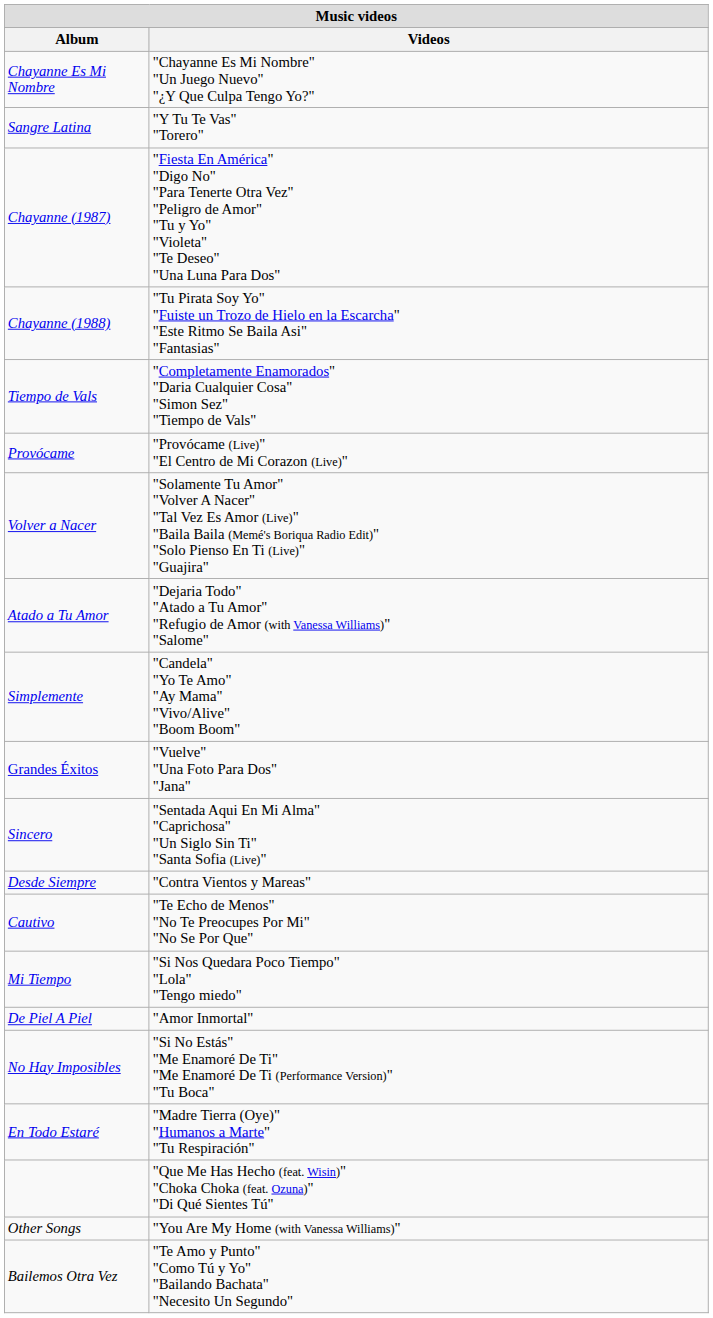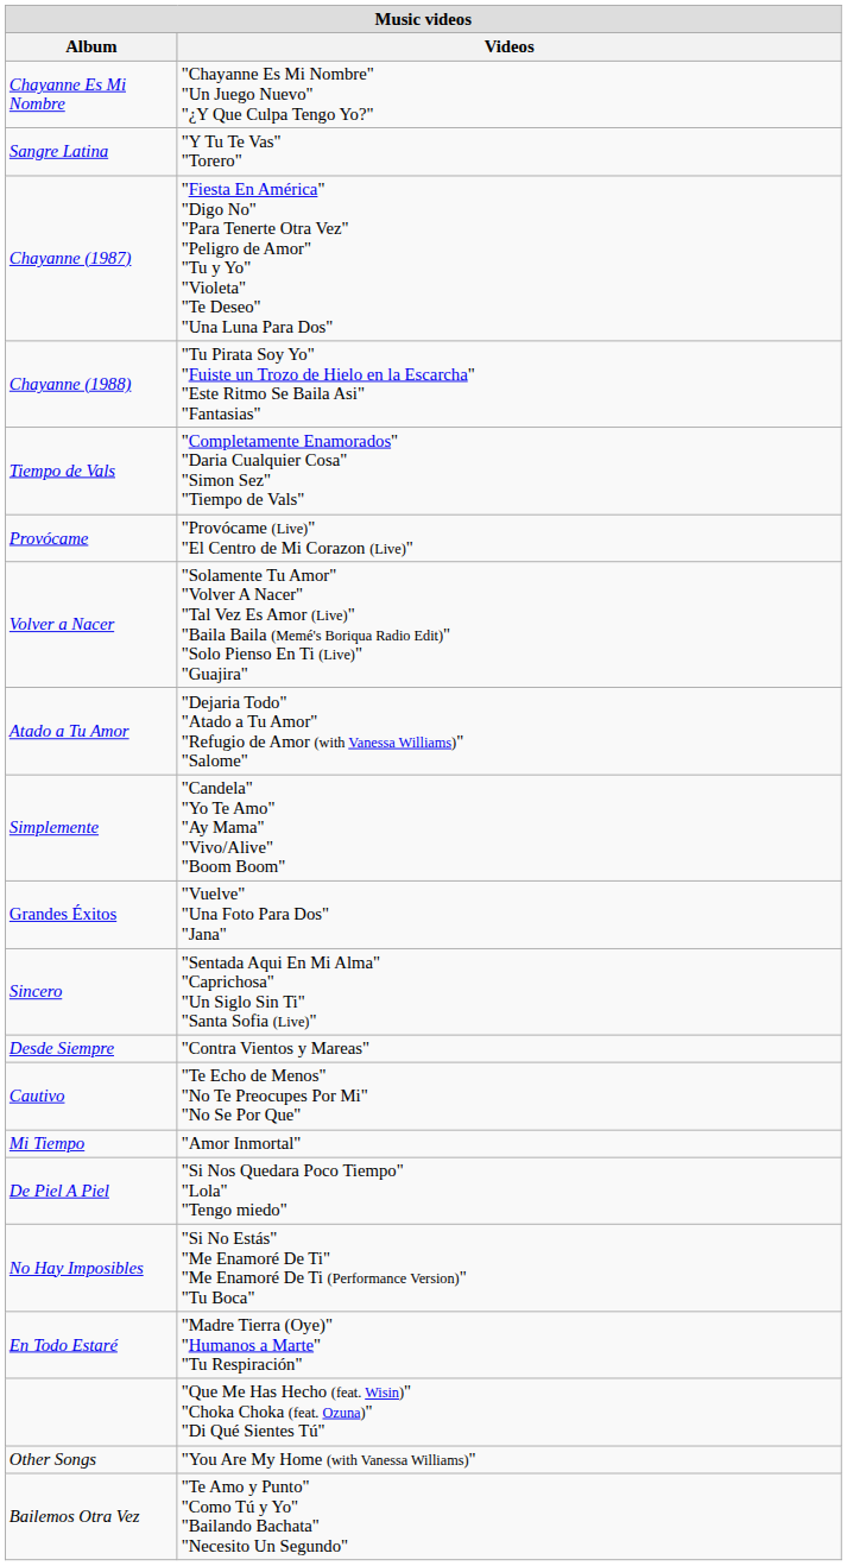 <table class="wikitable">
 <tr bgcolor="#DDDDDD">
 <td colspan=3 align=center><strong>Music videos</strong></td>
 </tr>
 <tr bgcolor="#CCCCCC">
 <th width="150">Album</th>
 <th width="600">Videos</th>
 </tr>
 <tr>
 <td><em><a href='#'>Chayanne Es Mi Nombre</a></em></td>
 <td>"Chayanne Es Mi Nombre"<br>"Un Juego Nuevo"<br>"¿Y Que Culpa Tengo Yo?"</td>
 </tr>
 <tr>
 <td><em><a href='#'>Sangre Latina</a></em></td>
 <td>"Y Tu Te Vas"<br>"Torero"</td>
 </tr>
 <tr>
 <td><em><a href='#'>Chayanne (1987)</a></em></td>
 <td>"<a href='#'>Fiesta En América</a>"<br>"Digo No"<br>"Para Tenerte Otra Vez"<br>"Peligro de Amor"<br>"Tu y Yo"<br>"Violeta"<br>"Te Deseo"<br>"Una Luna Para Dos"</td>
 </tr>
 <tr>
 <td><em><a href='#'>Chayanne (1988)</a></em></td>
 <td>"Tu Pirata Soy Yo"<br>"<a href='#'>Fuiste un Trozo de Hielo en la Escarcha</a>"<br>"Este Ritmo Se Baila Asi"<br>"Fantasias"</td>
 </tr>
 <tr>
 <td><em><a href='#'>Tiempo de Vals</a></em></td>
 <td>"<a href='#'>Completamente Enamorados</a>"<br>"Daria Cualquier Cosa"<br>"Simon Sez"<br>"Tiempo de Vals"</td>
 </tr>
 <tr>
 <td><em><a href='#'>Provócame</a></em></td>
 <td>"Provócame <small>(Live)</small>"<br>"El Centro de Mi Corazon <small>(Live)</small>"</td>
 </tr>
 <tr>
 <td><em><a href='#'>Volver a Nacer</a></em></td>
 <td>"Solamente Tu Amor"<br>"Volver A Nacer"<br>"Tal Vez Es Amor <small>(Live)</small>"<br>"Baila Baila <small>(Memé's Boriqua Radio Edit)</small>"<br>"Solo Pienso En Ti <small>(Live)</small>"<br>"Guajira"</td>
 </tr>
 <tr>
 <td><em><a href='#'>Atado a Tu Amor</a></em></td>
 <td>"Dejaria Todo"<br>"Atado a Tu Amor"<br>"Refugio de Amor <small>(with <a href='#'>Vanessa Williams</a>)</small>"<br>"Salome"</td>
 </tr>
 <tr>
 <td><em><a href='#'>Simplemente</a></em></td>
 <td>"Candela"<br>"Yo Te Amo"<br>"Ay Mama"<br>"Vivo/Alive"<br>"Boom Boom"</td>
 </tr>
 <tr>
 <td><a href='#'>Grandes Éxitos</a></td>
 <td>"Vuelve"<br>"Una Foto Para Dos"<br>"Jana"</td>
 </tr>
 <tr>
 <td><em><a href='#'>Sincero</a></em></td>
 <td>"Sentada Aqui En Mi Alma"<br>"Caprichosa"<br>"Un Siglo Sin Ti"<br>"Santa Sofia <small>(Live)</small>"</td>
 </tr>
 <tr>
 <td><em><a href='#'>Desde Siempre</a></em></td>
 <td>"Contra Vientos y Mareas"</td>
 </tr>
 <tr>
 <td><em><a href='#'>Cautivo</a></em></td>
 <td>"Te Echo de Menos"<br>"No Te Preocupes Por Mi"<br>"No Se Por Que"</td>
 </tr>
 <tr>
 <td><em><a href='#'>Mi Tiempo</a></em></td>
-<td>"Si Nos Quedara Poco Tiempo"<br>"Lola"<br>"Tengo miedo"</td>
+<td>"Amor Inmortal"</td>
 </tr>
 <tr>
 <td><em><a href='#'>De Piel A Piel</a></em></td>
-<td>"Amor Inmortal"</td>
+<td>"Si Nos Quedara Poco Tiempo"<br>"Lola"<br>"Tengo miedo"</td>
 </tr>
 <tr>
 <td><em><a href='#'>No Hay Imposibles</a></em></td>
 <td>"Si No Estás"<br>"Me Enamoré De Ti"<br>"Me Enamoré De Ti <small>(Performance Version)</small>"<br>"Tu Boca"</td>
 </tr>
 <tr>
 <td><em><a href='#'>En Todo Estaré</a></em></td>
 <td>"Madre Tierra (Oye)"<br>"<a href='#'>Humanos a Marte</a>"<br>"Tu Respiración"</td>
 </tr>
 <tr>
 <td></td>
 <td>"Que Me Has Hecho <small>(feat. <a href='#'>Wisin</a>)</small>"<br>"Choka Choka <small>(feat. <a href='#'>Ozuna</a>)</small>"<br>"Di Qué Sientes Tú"</td>
 </tr>
 <tr>
 <td><em>Other Songs</em></td>
 <td>"You Are My Home <small>(with Vanessa Williams)</small>"</td>
 </tr>
 <tr>
 <td><em>Bailemos Otra Vez</em></td>
 <td>"Te Amo y Punto"<br>"Como Tú y Yo"<br>"Bailando Bachata"<br>"Necesito Un Segundo"</td>
 </tr>
 </table>
